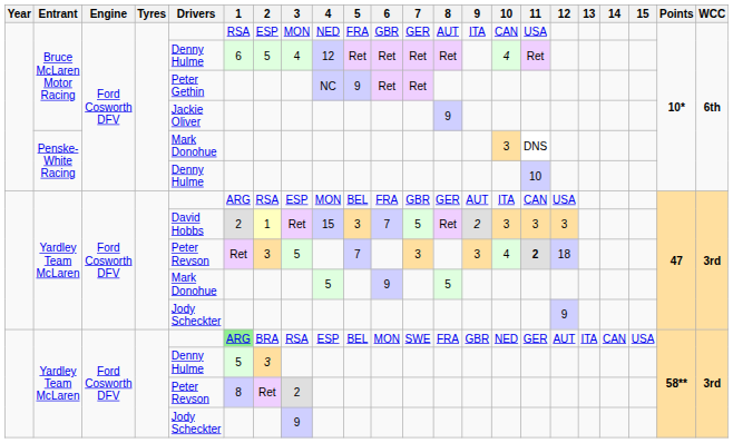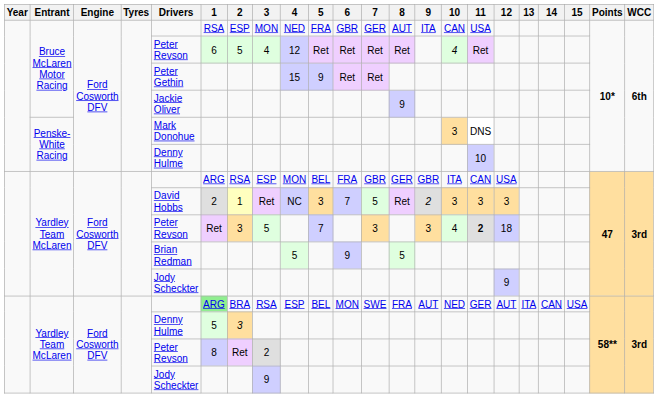 <table class="wikitable" style="text-align:center; font-size:95%">
 <tr>
 <th>Year</th>
 <th>Entrant</th>
 <th>Engine</th>
 <th>Tyres</th>
 <th>Drivers</th>
 <th>1</th>
 <th>2</th>
 <th>3</th>
 <th>4</th>
 <th>5</th>
 <th>6</th>
 <th>7</th>
 <th>8</th>
 <th>9</th>
 <th>10</th>
 <th>11</th>
 <th>12</th>
 <th>13</th>
 <th>14</th>
 <th>15</th>
 <th>Points</th>
 <th>WCC</th>
 </tr>
 <tr>
 <td rowspan="6"></td>
 <td rowspan="4"><a href='#'>Bruce McLaren Motor Racing</a></td>
 <td rowspan="6"><a href='#'>Ford</a> <a href='#'>Cosworth DFV</a></td>
 <td rowspan="6"></td>
 <td></td>
 <td><a href='#'>RSA</a></td>
 <td><a href='#'>ESP</a></td>
 <td><a href='#'>MON</a></td>
 <td><a href='#'>NED</a></td>
 <td><a href='#'>FRA</a></td>
 <td><a href='#'>GBR</a></td>
 <td><a href='#'>GER</a></td>
 <td><a href='#'>AUT</a></td>
 <td><a href='#'>ITA</a></td>
 <td><a href='#'>CAN</a></td>
 <td><a href='#'>USA</a></td>
 <td></td>
 <td></td>
 <td></td>
 <td></td>
 <td rowspan="6"><strong>10*</strong></td>
 <td rowspan="6"><strong>6th</strong></td>
 </tr>
 <tr>
-<td align="left"> <a href='#'>Denny Hulme</a></td>
+<td align="left"> <a href='#'>Peter Revson</a></td>
 <td style="background:#DFFFDF;">6</td>
 <td style="background:#DFFFDF;">5</td>
 <td style="background:#DFFFDF;">4</td>
 <td style="background:#CFCFFF;">12</td>
 <td style="background:#EFCFFF;">Ret</td>
 <td style="background:#EFCFFF;">Ret</td>
 <td style="background:#EFCFFF;">Ret</td>
 <td style="background:#EFCFFF;">Ret</td>
 <td></td>
 <td style="background:#DFFFDF;"><em>4</em></td>
 <td style="background:#EFCFFF;">Ret</td>
 <td></td>
 <td></td>
 <td></td>
 <td></td>
 </tr>
 <tr>
 <td align="left"> <a href='#'>Peter Gethin</a></td>
 <td></td>
 <td></td>
 <td></td>
-<td style="background:#CFCFFF;">NC</td>
+<td style="background:#CFCFFF;">15</td>
 <td style="background:#CFCFFF;">9</td>
 <td style="background:#EFCFFF;">Ret</td>
 <td style="background:#EFCFFF;">Ret</td>
 <td></td>
 <td></td>
 <td></td>
 <td></td>
 <td></td>
 <td></td>
 <td></td>
 <td></td>
 </tr>
 <tr>
 <td align="left"> <a href='#'>Jackie Oliver</a></td>
 <td></td>
 <td></td>
 <td></td>
 <td></td>
 <td></td>
 <td></td>
 <td></td>
 <td style="background:#CFCFFF;">9</td>
 <td></td>
 <td></td>
 <td></td>
 <td></td>
 <td></td>
 <td></td>
 <td></td>
 </tr>
 <tr>
 <td rowspan="2"><a href='#'>Penske-White Racing</a></td>
 <td align="left"> <a href='#'>Mark Donohue</a></td>
 <td></td>
 <td></td>
 <td></td>
 <td></td>
 <td></td>
 <td></td>
 <td></td>
 <td></td>
 <td></td>
 <td style="background:#FFDF9F;">3</td>
 <td style="background:#FFFFFF;">DNS</td>
 <td></td>
 <td></td>
 <td></td>
 <td></td>
 </tr>
 <tr>
 <td align="left"> <a href='#'>Denny Hulme</a></td>
 <td></td>
 <td></td>
 <td></td>
 <td></td>
 <td></td>
 <td></td>
 <td></td>
 <td></td>
 <td></td>
 <td></td>
 <td style="background:#CFCFFF;">10</td>
 <td></td>
 <td></td>
 <td></td>
 <td></td>
 </tr>
 <tr>
 <td rowspan="5"></td>
 <td rowspan="5"><a href='#'>Yardley Team McLaren</a></td>
 <td rowspan="5"><a href='#'>Ford</a> <a href='#'>Cosworth DFV</a></td>
 <td rowspan="5"></td>
 <td></td>
 <td><a href='#'>ARG</a></td>
 <td><a href='#'>RSA</a></td>
 <td><a href='#'>ESP</a></td>
 <td><a href='#'>MON</a></td>
 <td><a href='#'>BEL</a></td>
 <td><a href='#'>FRA</a></td>
 <td><a href='#'>GBR</a></td>
 <td><a href='#'>GER</a></td>
-<td><a href='#'>AUT</a></td>
+<td><a href='#'>GBR</a></td>
 <td><a href='#'>ITA</a></td>
 <td><a href='#'>CAN</a></td>
 <td><a href='#'>USA</a></td>
 <td></td>
 <td></td>
 <td></td>
 <td rowspan=5 style="background:#ffdf9f;"><strong>47</strong></td>
 <td rowspan=5 style="background:#ffdf9f;"><strong>3rd</strong></td>
 </tr>
 <tr>
 <td align="left"> <a href='#'>David Hobbs</a></td>
 <td style="background:#DFDFDF;">2</td>
 <td style="background:#FFFFBF;">1</td>
 <td style="background:#EFCFFF;">Ret</td>
-<td style="background:#CFCFFF;">15</td>
+<td style="background:#CFCFFF;">NC</td>
 <td style="background:#FFDF9F;">3</td>
 <td style="background:#CFCFFF;">7</td>
 <td style="background:#DFFFDF;">5</td>
 <td style="background:#EFCFFF;">Ret</td>
 <td style="background:#DFDFDF;"><em>2</em></td>
 <td style="background:#FFDF9F;">3</td>
 <td style="background:#FFDF9F;">3</td>
 <td style="background:#FFDF9F;">3</td>
 <td></td>
 <td></td>
 <td></td>
 </tr>
 <tr>
 <td align="left"> <a href='#'>Peter Revson</a></td>
 <td style="background:#EFCFFF;">Ret</td>
 <td style="background:#FFDF9F;">3</td>
 <td style="background:#DFFFDF;">5</td>
 <td></td>
 <td style="background:#CFCFFF;">7</td>
 <td></td>
 <td style="background:#FFDF9F;">3</td>
 <td></td>
 <td style="background:#FFDF9F;">3</td>
 <td style="background:#DFFFDF;">4</td>
 <td style="background:#DFDFDF;"><strong>2</strong></td>
 <td style="background:#CFCFFF;">18</td>
 <td></td>
 <td></td>
 <td></td>
 </tr>
 <tr>
-<td align="left"> <a href='#'>Mark Donohue</a></td>
+<td align="left"> <a href='#'>Brian Redman</a></td>
 <td></td>
 <td></td>
 <td></td>
 <td style="background:#DFFFDF;">5</td>
 <td></td>
 <td style="background:#CFCFFF;">9</td>
 <td></td>
 <td style="background:#DFFFDF;">5</td>
 <td></td>
 <td></td>
 <td></td>
 <td></td>
 <td></td>
 <td></td>
 <td></td>
 </tr>
 <tr>
 <td align="left"> <a href='#'>Jody Scheckter</a></td>
 <td></td>
 <td></td>
 <td></td>
 <td></td>
 <td></td>
 <td></td>
 <td></td>
 <td></td>
 <td></td>
 <td></td>
 <td></td>
 <td style="background:#CFCFFF;">9</td>
 <td></td>
 <td></td>
 <td></td>
 </tr>
 <tr>
 <td rowspan="4"></td>
 <td rowspan="4"><a href='#'>Yardley Team McLaren</a></td>
 <td rowspan="4"><a href='#'>Ford</a> <a href='#'>Cosworth DFV</a></td>
 <td rowspan="4"></td>
 <td></td>
 <td style="background: lightgreen;"><a href='#'>ARG</a></td>
 <td><a href='#'>BRA</a></td>
 <td><a href='#'>RSA</a></td>
 <td><a href='#'>ESP</a></td>
 <td><a href='#'>BEL</a></td>
 <td><a href='#'>MON</a></td>
 <td><a href='#'>SWE</a></td>
 <td><a href='#'>FRA</a></td>
-<td><a href='#'>GBR</a></td>
+<td><a href='#'>AUT</a></td>
 <td><a href='#'>NED</a></td>
 <td><a href='#'>GER</a></td>
 <td><a href='#'>AUT</a></td>
 <td><a href='#'>ITA</a></td>
 <td><a href='#'>CAN</a></td>
 <td><a href='#'>USA</a></td>
 <td rowspan=4 style="background:#ffdf9f;"><strong>58**</strong></td>
 <td rowspan=4 style="background:#ffdf9f;"><strong>3rd</strong></td>
 </tr>
 <tr>
 <td align="left"> <a href='#'>Denny Hulme</a></td>
 <td style="background:#DFFFDF;">5</td>
 <td style="background:#FFDF9F;"><em>3</em></td>
 <td></td>
 <td></td>
 <td></td>
 <td></td>
 <td></td>
 <td></td>
 <td></td>
 <td></td>
 <td></td>
 <td></td>
 <td></td>
 <td></td>
 <td></td>
 </tr>
 <tr>
 <td align="left"> <a href='#'>Peter Revson</a></td>
 <td style="background:#CFCFFF;">8</td>
 <td style="background:#EFCFFF;">Ret</td>
 <td style="background:#DFDFDF;">2</td>
 <td></td>
 <td></td>
 <td></td>
 <td></td>
 <td></td>
 <td></td>
 <td></td>
 <td></td>
 <td></td>
 <td></td>
 <td></td>
 <td></td>
 </tr>
 <tr>
 <td align="left"> <a href='#'>Jody Scheckter</a></td>
 <td></td>
 <td></td>
 <td style="background:#CFCFFF;">9</td>
 <td></td>
 <td></td>
 <td></td>
 <td></td>
 <td></td>
 <td></td>
 <td></td>
 <td></td>
 <td></td>
 <td></td>
 <td></td>
 <td></td>
 </tr>
 </table>
